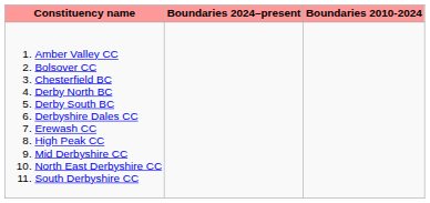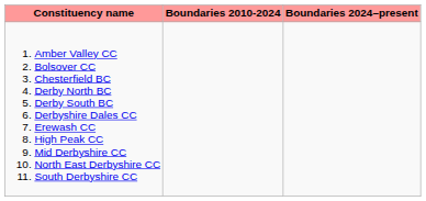 <table class="wikitable">
 <tr>
 <th style="background-color:#ff9999">Constituency name</th>
+<th style="background-color:#ff9999">Boundaries 2010-2024</th>
 <th style="background-color:#ff9999">Boundaries 2024–present</th>
-<th style="background-color:#ff9999">Boundaries 2010-2024</th>
 </tr>
 <tr>
 <td><br><ol><li><a href='#'>Amber Valley CC</a></li><li><a href='#'>Bolsover CC</a></li><li><a href='#'>Chesterfield BC</a></li><li><a href='#'>Derby North BC</a></li><li><a href='#'>Derby South BC</a></li><li><a href='#'>Derbyshire Dales CC</a></li><li><a href='#'>Erewash CC</a></li><li><a href='#'>High Peak CC</a></li><li><a href='#'>Mid Derbyshire CC</a></li><li><a href='#'>North East Derbyshire CC</a></li><li><a href='#'>South Derbyshire CC</a></li></ol></td>
 <td></td>
 <td></td>
 </tr>
 </table>
